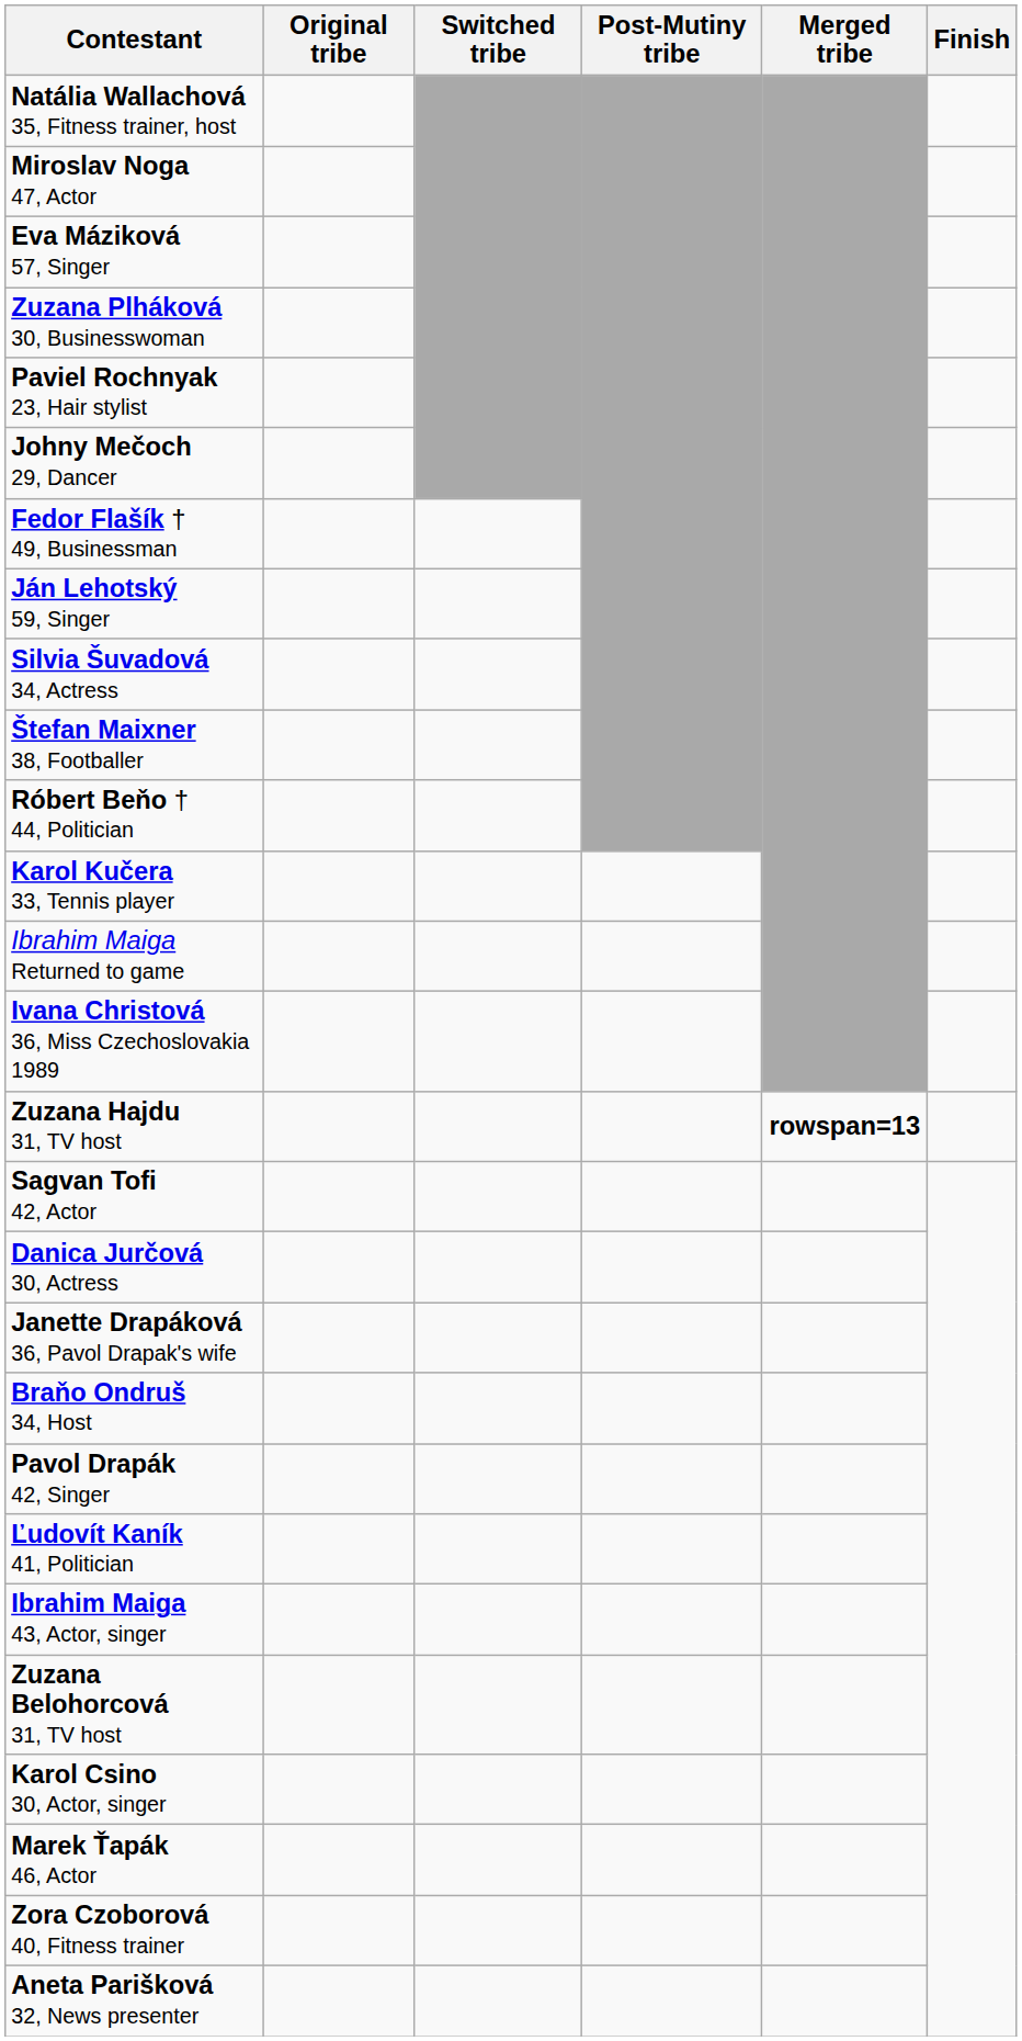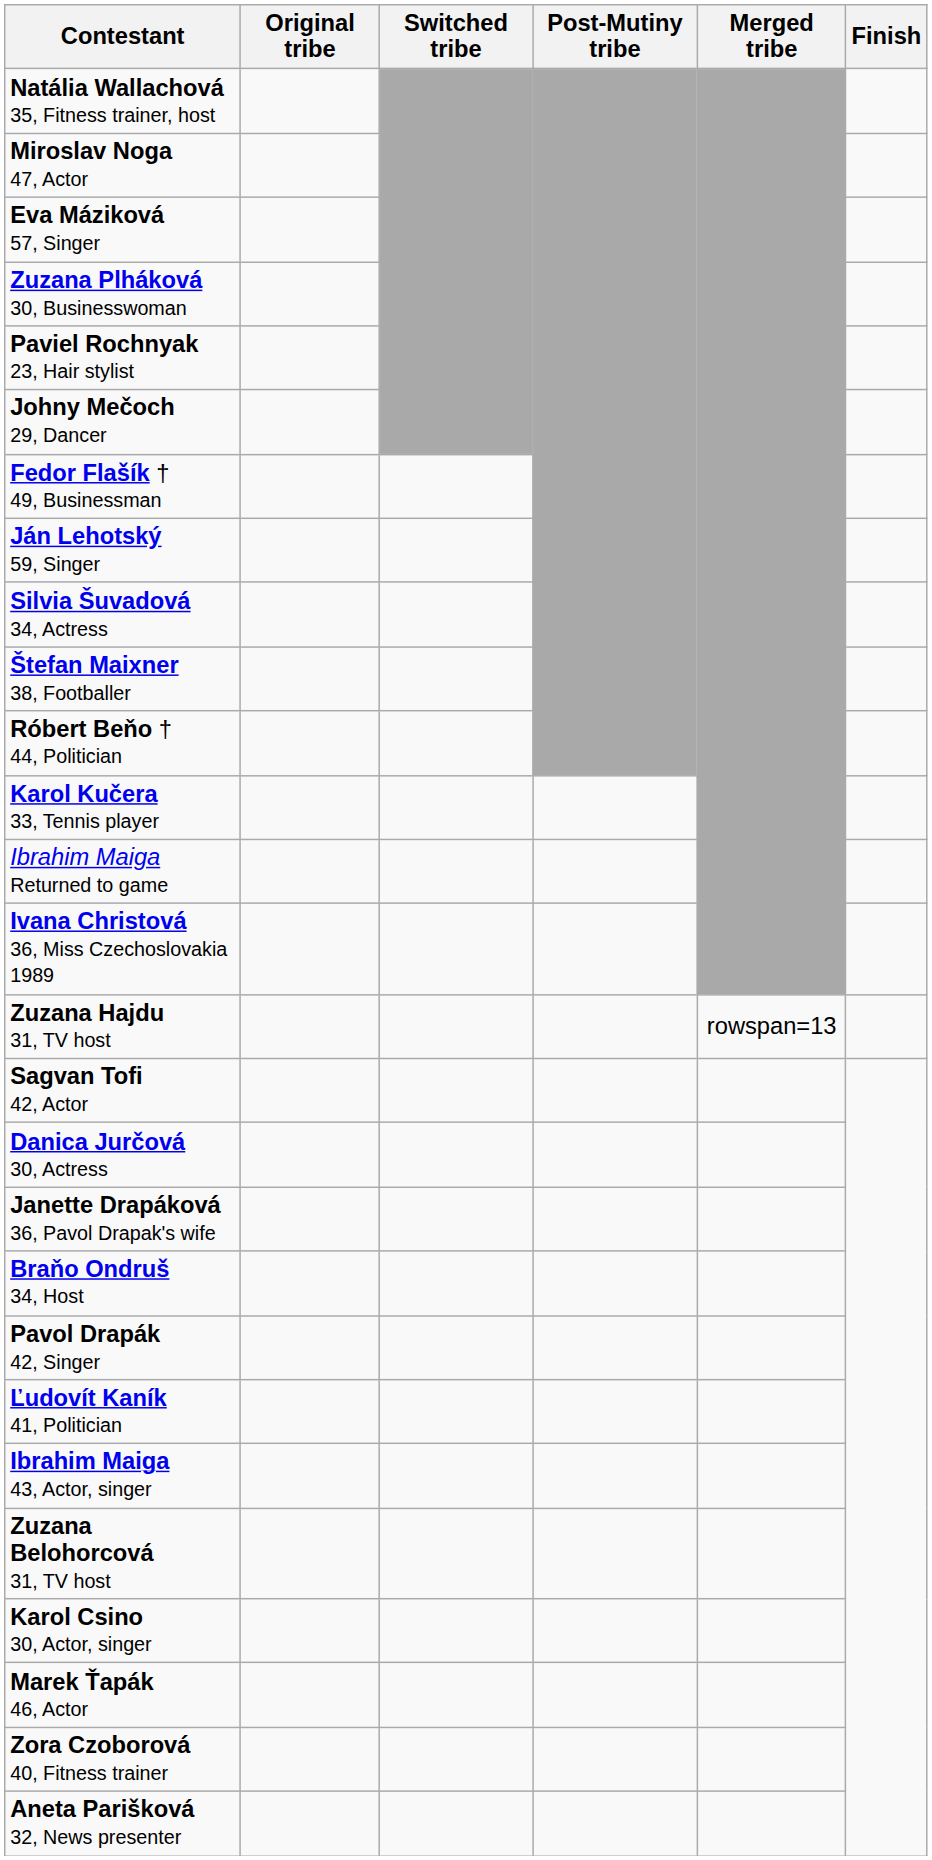 <table class="wikitable sortable" style="margin:auto; text-align:center">
 <tr>
 <th scope="col" align="left">Contestant</th>
 <th scope="col">Original tribe</th>
 <th scope="col">Switched tribe</th>
 <th scope="col">Post-Mutiny tribe</th>
 <th scope="col">Merged tribe</th>
 <th scope="col">Finish</th>
 </tr>
 <tr>
 <td style="text-align:left;"><strong>Natália Wallachová</strong><br><small>35, Fitness trainer, host</small></td>
 <td></td>
 <td rowspan="6" bgcolor="darkgray"></td>
 <td rowspan="11" bgcolor="darkgray"></td>
 <td rowspan="14" bgcolor="darkgray"></td>
 <td></td>
 </tr>
 <tr>
 <td style="text-align:left;"><strong>Miroslav Noga</strong><br><small>47, Actor</small></td>
 <td></td>
 <td></td>
 </tr>
 <tr>
 <td style="text-align:left;"><strong>Eva Máziková</strong><br><small>57, Singer</small></td>
 <td></td>
 <td></td>
 </tr>
 <tr>
 <td style="text-align:left;"><strong><a href='#'>Zuzana Plháková</a></strong><br><small>30, Businesswoman</small></td>
 <td></td>
 <td></td>
 </tr>
 <tr>
 <td style="text-align:left;"><strong>Paviel Rochnyak</strong><br><small>23, Hair stylist</small></td>
 <td></td>
 <td></td>
 </tr>
 <tr>
 <td style="text-align:left;"><strong>Johny Mečoch</strong><br><small>29, Dancer</small></td>
 <td></td>
 <td></td>
 </tr>
 <tr>
 <td style="text-align:left;"><strong><a href='#'>Fedor Flašík</a></strong> †<br><small>49, Businessman</small></td>
 <td></td>
 <td></td>
 <td></td>
 </tr>
 <tr>
 <td style="text-align:left;"><strong><a href='#'>Ján Lehotský</a></strong><br><small>59, Singer</small></td>
 <td></td>
 <td></td>
 <td></td>
 </tr>
 <tr>
 <td style="text-align:left;"><strong><a href='#'>Silvia Šuvadová</a></strong><br><small>34, Actress</small></td>
 <td></td>
 <td></td>
 <td></td>
 </tr>
 <tr>
 <td style="text-align:left;"><strong><a href='#'>Štefan Maixner</a></strong><br><small>38, Footballer</small></td>
 <td></td>
 <td></td>
 <td></td>
 </tr>
 <tr>
 <td style="text-align:left;"><strong>Róbert Beňo</strong> †<br><small>44, Politician</small></td>
 <td></td>
 <td></td>
 <td></td>
 </tr>
 <tr>
 <td style="text-align:left;"><strong><a href='#'>Karol Kučera</a></strong><br><small>33, Tennis player</small></td>
 <td></td>
 <td></td>
 <td></td>
 <td></td>
 </tr>
 <tr>
 <td align="left"><em><a href='#'>Ibrahim Maiga</a></em><br><small>Returned to game</small></td>
 <td></td>
 <td></td>
 <td></td>
 <td></td>
 </tr>
 <tr>
 <td style="text-align:left;"><strong><a href='#'>Ivana Christová</a></strong><br><small>36, Miss Czechoslovakia 1989</small></td>
 <td></td>
 <td></td>
 <td></td>
 <td></td>
 </tr>
 <tr>
 <td style="text-align:left;"><strong>Zuzana Hajdu</strong><br><small>31, TV host</small></td>
 <td></td>
 <td></td>
 <td></td>
-<td><strong>rowspan=13 </strong></td>
+<td>rowspan=13 </td>
 <td></td>
 </tr>
 <tr>
 <td style="text-align:left;"><strong>Sagvan Tofi</strong><br><small>42, Actor</small></td>
 <td></td>
 <td></td>
 <td></td>
 <td></td>
 </tr>
 <tr>
 <td style="text-align:left;"><strong><a href='#'>Danica Jurčová</a></strong><br><small>30, Actress</small></td>
 <td></td>
 <td></td>
 <td></td>
 <td></td>
 </tr>
 <tr>
 <td style="text-align:left;"><strong>Janette Drapáková</strong><br><small>36, Pavol Drapak's wife</small></td>
 <td></td>
 <td></td>
 <td></td>
 <td></td>
 </tr>
 <tr>
 <td style="text-align:left;"><strong><a href='#'>Braňo Ondruš</a></strong><br><small>34, Host</small></td>
 <td></td>
 <td></td>
 <td></td>
 <td></td>
 </tr>
 <tr>
 <td style="text-align:left;"><strong>Pavol Drapák</strong><br><small>42, Singer</small></td>
 <td></td>
 <td></td>
 <td></td>
 <td></td>
 </tr>
 <tr>
 <td style="text-align:left;"><strong><a href='#'>Ľudovít Kaník</a></strong><br><small>41, Politician</small></td>
 <td></td>
 <td></td>
 <td></td>
 <td></td>
 </tr>
 <tr>
 <td style="text-align:left;"><strong><a href='#'>Ibrahim Maiga</a></strong><br><small>43, Actor, singer</small></td>
 <td></td>
 <td></td>
 <td></td>
 <td></td>
 </tr>
 <tr>
 <td style="text-align:left;"><strong>Zuzana Belohorcová</strong><br><small>31, TV host</small></td>
 <td></td>
 <td></td>
 <td></td>
 <td></td>
 </tr>
 <tr>
 <td style="text-align:left;"><strong>Karol Csino</strong><br><small>30, Actor, singer</small></td>
 <td></td>
 <td></td>
 <td></td>
 <td></td>
 </tr>
 <tr>
 <td style="text-align:left;"><strong>Marek Ťapák</strong><br><small>46, Actor</small></td>
 <td></td>
 <td></td>
 <td></td>
 <td></td>
 </tr>
 <tr>
 <td style="text-align:left;"><strong>Zora Czoborová</strong><br><small>40, Fitness trainer</small></td>
 <td></td>
 <td></td>
 <td></td>
 <td></td>
 </tr>
 <tr>
 <td style="text-align:left;"><strong>Aneta Parišková</strong><br><small>32, News presenter</small></td>
 <td></td>
 <td></td>
 <td></td>
 <td></td>
 </tr>
 </table>
